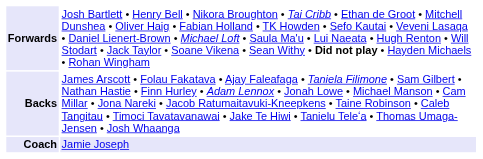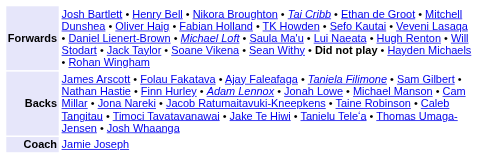 <table cellpadding="2" style="border: 1px solid white; font-size:90%;">
 <tr>
 <td style="text-align:right" bgcolor="lavender"><strong>Forwards</strong></td>
 <td style="text-align:left"><a href='#'>Josh Bartlett</a> • <a href='#'>Henry Bell</a> • <a href='#'>Nikora Broughton</a> • <em><a href='#'>Tai Cribb</a></em> • <a href='#'>Ethan de Groot</a> • <a href='#'>Mitchell Dunshea</a> • <a href='#'>Oliver Haig</a> • <a href='#'>Fabian Holland</a> • <a href='#'>TK Howden</a> • <a href='#'>Sefo Kautai</a> • <a href='#'>Veveni Lasaqa</a> • <a href='#'>Daniel Lienert-Brown</a> • <em><a href='#'>Michael Loft</a></em> • <a href='#'>Saula Ma'u</a> • <a href='#'>Lui Naeata</a> • <a href='#'>Hugh Renton</a> • <a href='#'>Will Stodart</a> • <a href='#'>Jack Taylor</a> • <a href='#'>Soane Vikena</a> • <a href='#'>Sean Withy</a> • <strong>Did not play</strong> • <a href='#'>Hayden Michaels</a> • <a href='#'>Rohan Wingham</a></td>
 </tr>
 <tr>
 <td style="text-align:right" bgcolor="lavender"><strong>Backs</strong></td>
 <td style="text-align:left"><a href='#'>James Arscott</a> • <a href='#'>Folau Fakatava</a> • <a href='#'>Ajay Faleafaga</a> • <em><a href='#'>Taniela Filimone</a></em> • <a href='#'>Sam Gilbert</a> • <a href='#'>Nathan Hastie</a> • <a href='#'>Finn Hurley</a> • <em><a href='#'>Adam Lennox</a></em> • <a href='#'>Jonah Lowe</a> • <a href='#'>Michael Manson</a> • <a href='#'>Cam Millar</a> • <a href='#'>Jona Nareki</a> • <a href='#'>Jacob Ratumaitavuki-Kneepkens</a> • <a href='#'>Taine Robinson</a> • <a href='#'>Caleb Tangitau</a> • <a href='#'>Timoci Tavatavanawai</a> • <a href='#'>Jake Te Hiwi</a> • <a href='#'>Tanielu Teleʻa</a> • <a href='#'>Thomas Umaga-Jensen</a> • <a href='#'>Josh Whaanga</a></td>
 </tr>
 <tr>
 <td style="text-align:right" bgcolor="lavender"><strong>Coach</strong></td>
-<td style="background: lavender; text-align:left"><a href='#'>Jamie Joseph</a></td>
+<td style="text-align:left"><a href='#'>Jamie Joseph</a></td>
 </tr>
 </table>
